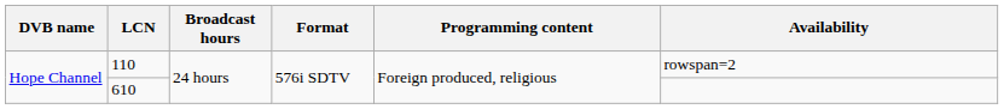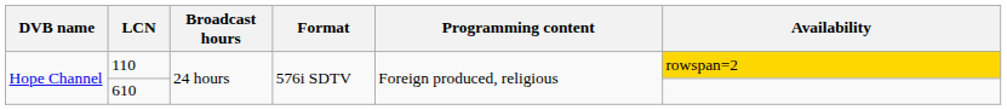 <table class="wikitable" style="font-size:90%; width:100%;">
 <tr>
 <th width="10%">DVB name</th>
 <th width="6%">LCN</th>
 <th width="10%">Broadcast hours</th>
 <th width="10%">Format</th>
 <th width="28%">Programming content</th>
 <th width="33%">Availability</th>
 </tr>
 <tr>
 <td rowspan=2><a href='#'>Hope Channel</a></td>
 <td>110</td>
 <td rowspan=2>24 hours</td>
 <td rowspan=2>576i SDTV</td>
 <td rowspan=2>Foreign produced, religious</td>
-<td>rowspan=2 </td>
+<td style="background: gold;">rowspan=2 </td>
 </tr>
 <tr>
 <td>610</td>
 </tr>
 </table>
